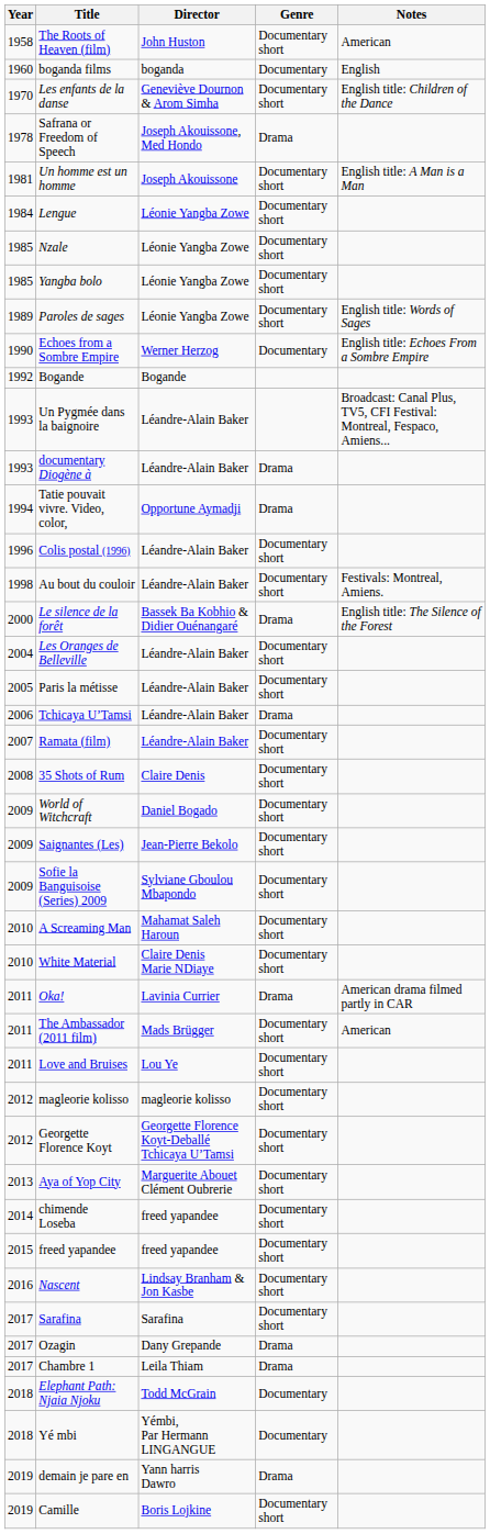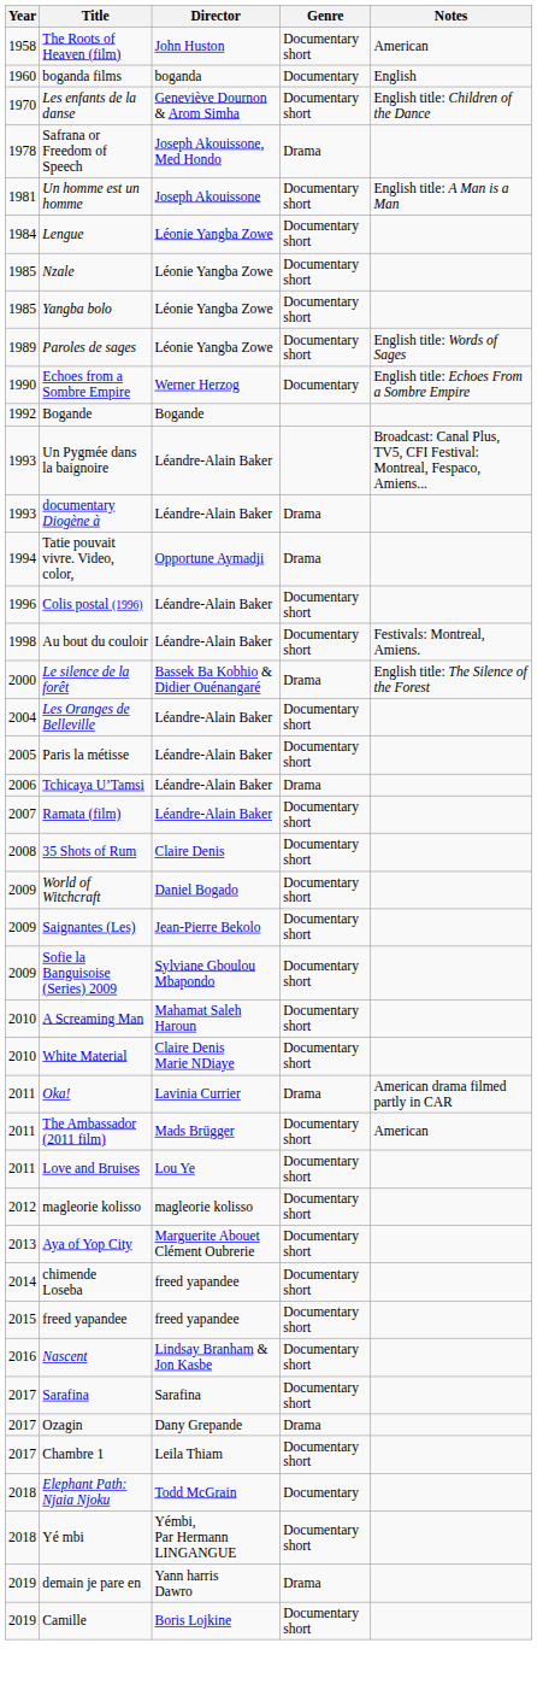 <table class="wikitable sortable">
 <tr>
 <th>Year</th>
 <th>Title</th>
 <th>Director</th>
 <th>Genre</th>
 <th class="unsortable">Notes</th>
 </tr>
 <tr>
 <td>1958</td>
 <td><a href='#'>The Roots of Heaven (film)</a></td>
 <td><a href='#'>John Huston</a></td>
 <td>Documentary short</td>
 <td>American</td>
 </tr>
 <tr>
 <td>1960</td>
 <td>boganda films</td>
 <td>boganda</td>
 <td>Documentary</td>
 <td>English</td>
 </tr>
 <tr>
 <td>1970</td>
 <td><em>Les enfants de la danse</em></td>
 <td><a href='#'>Geneviève Dournon</a> & <a href='#'>Arom Simha</a></td>
 <td>Documentary short</td>
 <td>English title: <em>Children of the Dance</em></td>
 </tr>
 <tr>
 <td>1978</td>
 <td>Safrana or Freedom of Speech</td>
 <td><a href='#'>Joseph Akouissone</a>,<br><a href='#'>Med Hondo</a></td>
 <td>Drama</td>
 <td></td>
 </tr>
 <tr>
 <td>1981</td>
 <td><em>Un homme est un homme</em></td>
 <td><a href='#'>Joseph Akouissone</a></td>
 <td>Documentary short</td>
 <td>English title: <em>A Man is a Man</em></td>
 </tr>
 <tr>
 <td>1984</td>
 <td><em>Lengue</em></td>
 <td><a href='#'>Léonie Yangba Zowe</a></td>
 <td>Documentary short</td>
 <td></td>
 </tr>
 <tr>
 <td>1985</td>
 <td><em>Nzale</em></td>
 <td>Léonie Yangba Zowe</td>
 <td>Documentary short</td>
 <td></td>
 </tr>
 <tr>
 <td>1985</td>
 <td><em>Yangba bolo</em></td>
 <td>Léonie Yangba Zowe</td>
 <td>Documentary short</td>
 <td></td>
 </tr>
 <tr>
 <td>1989</td>
 <td><em>Paroles de sages</em></td>
 <td>Léonie Yangba Zowe</td>
 <td>Documentary short</td>
 <td>English title: <em>Words of Sages</em></td>
 </tr>
 <tr>
 <td>1990</td>
 <td><a href='#'>Echoes from a Sombre Empire</a></td>
 <td><a href='#'>Werner Herzog</a></td>
 <td>Documentary</td>
 <td>English title: <em>Echoes From a Sombre Empire</em></td>
 </tr>
 <tr>
 <td>1992</td>
 <td>Bogande</td>
 <td>Bogande</td>
 <td></td>
 <td></td>
 </tr>
 <tr>
 <td>1993</td>
 <td>Un Pygmée dans la baignoire</td>
 <td>Léandre-Alain Baker</td>
 <td></td>
 <td>Broadcast: Canal Plus, TV5, CFI Festival: Montreal, Fespaco, Amiens...</td>
 </tr>
 <tr>
 <td>1993</td>
 <td><a href='#'>documentary <em>Diogène à</em></a></td>
 <td>Léandre-Alain Baker</td>
 <td>Drama</td>
 <td></td>
 </tr>
 <tr>
 <td>1994</td>
 <td>Tatie pouvait vivre. Video, color,</td>
 <td><a href='#'>Opportune Aymadji</a></td>
 <td>Drama</td>
 <td></td>
 </tr>
 <tr>
 <td>1996</td>
 <td><a href='#'>Colis postal <small>(1996)</small></a></td>
 <td>Léandre-Alain Baker</td>
 <td>Documentary short</td>
 <td></td>
 </tr>
 <tr>
 <td>1998</td>
 <td>Au bout du couloir</td>
 <td>Léandre-Alain Baker</td>
 <td>Documentary short</td>
 <td>Festivals: Montreal, Amiens.</td>
 </tr>
 <tr>
 <td>2000</td>
 <td><em><a href='#'>Le silence de la forêt</a></em></td>
 <td><a href='#'>Bassek Ba Kobhio</a> & <a href='#'>Didier Ouénangaré</a></td>
 <td>Drama</td>
 <td>English title: <em>The Silence of the Forest</em></td>
 </tr>
 <tr>
 <td>2004</td>
 <td><em><a href='#'>Les Oranges de Belleville</a></em></td>
 <td>Léandre-Alain Baker</td>
 <td>Documentary short</td>
 <td></td>
 </tr>
 <tr>
 <td>2005</td>
 <td>Paris la métisse</td>
 <td>Léandre-Alain Baker</td>
 <td>Documentary short</td>
 <td></td>
 </tr>
 <tr>
 <td>2006</td>
 <td><a href='#'>Tchicaya U’Tamsi</a></td>
 <td>Léandre-Alain Baker</td>
 <td>Drama</td>
 <td></td>
 </tr>
 <tr>
 <td>2007</td>
 <td><a href='#'>Ramata (film)</a></td>
 <td><a href='#'>Léandre-Alain Baker</a></td>
 <td>Documentary short</td>
 <td></td>
 </tr>
 <tr>
 <td>2008</td>
 <td><a href='#'>35 Shots of Rum</a></td>
 <td><a href='#'>Claire Denis</a></td>
 <td>Documentary short</td>
 <td></td>
 </tr>
 <tr>
 <td>2009</td>
 <td><em>World of Witchcraft</em></td>
 <td><a href='#'>Daniel Bogado</a></td>
 <td>Documentary short</td>
 <td></td>
 </tr>
 <tr>
 <td>2009</td>
 <td><a href='#'>Saignantes (Les)</a></td>
 <td><a href='#'>Jean-Pierre Bekolo</a></td>
 <td>Documentary short</td>
 <td></td>
 </tr>
 <tr>
 <td>2009</td>
 <td><a href='#'>Sofie la Banguisoise (Series) 2009</a></td>
 <td><a href='#'>Sylviane Gboulou Mbapondo</a></td>
 <td>Documentary short</td>
 <td></td>
 </tr>
 <tr>
 <td>2010</td>
 <td><a href='#'>A Screaming Man</a></td>
 <td><a href='#'>Mahamat Saleh Haroun</a></td>
 <td>Documentary short</td>
 <td></td>
 </tr>
 <tr>
 <td>2010</td>
 <td><a href='#'>White Material</a></td>
 <td><a href='#'>Claire Denis</a><br><a href='#'>Marie NDiaye</a></td>
 <td>Documentary short</td>
 <td></td>
 </tr>
 <tr>
 <td>2011</td>
 <td><em><a href='#'>Oka!</a></em></td>
 <td><a href='#'>Lavinia Currier</a></td>
 <td>Drama</td>
 <td>American drama filmed partly in CAR</td>
 </tr>
 <tr>
 <td>2011</td>
 <td><a href='#'>The Ambassador (2011 film)</a></td>
 <td><a href='#'>Mads Brügger</a></td>
 <td>Documentary short</td>
 <td>American</td>
 </tr>
 <tr>
 <td>2011</td>
 <td><a href='#'>Love and Bruises</a></td>
 <td><a href='#'>Lou Ye</a></td>
 <td>Documentary short</td>
 <td></td>
 </tr>
 <tr>
 <td>2012</td>
 <td>magleorie kolisso</td>
 <td>magleorie kolisso</td>
 <td>Documentary short</td>
 <td></td>
 </tr>
 <tr>
-<td>2012</td>
-<td>Georgette Florence Koyt</td>
-<td><a href='#'>Georgette Florence Koyt-Deballé</a><br><a href='#'>Tchicaya U’Tamsi</a></td>
-<td>Documentary short</td>
-<td></td>
-</tr>
-<tr>
 <td>2013</td>
 <td><a href='#'>Aya of Yop City</a></td>
 <td><a href='#'>Marguerite Abouet</a><br>Clément Oubrerie</td>
 <td>Documentary short</td>
 <td></td>
 </tr>
 <tr>
 <td>2014</td>
 <td>chimende<br>Loseba</td>
 <td>freed yapandee</td>
 <td>Documentary short</td>
 <td></td>
 </tr>
 <tr>
 <td>2015</td>
 <td>freed yapandee</td>
 <td>freed yapandee</td>
 <td>Documentary short</td>
 <td></td>
 </tr>
 <tr>
 <td>2016</td>
 <td><em><a href='#'>Nascent</a></em></td>
 <td><a href='#'>Lindsay Branham</a> & <a href='#'>Jon Kasbe</a></td>
 <td>Documentary short</td>
 <td></td>
 </tr>
 <tr>
 <td>2017</td>
 <td><a href='#'>Sarafina</a></td>
 <td>Sarafina</td>
 <td>Documentary short</td>
 <td></td>
 </tr>
 <tr>
 <td>2017</td>
 <td>Ozagin</td>
 <td>Dany Grepande</td>
 <td>Drama</td>
 <td></td>
 </tr>
 <tr>
 <td>2017</td>
 <td>Chambre 1</td>
 <td>Leila Thiam</td>
-<td>Drama</td>
+<td>Documentary short</td>
 <td></td>
 </tr>
 <tr>
 <td>2018</td>
 <td><em><a href='#'>Elephant Path: Njaia Njoku</a></em></td>
 <td><a href='#'>Todd McGrain</a></td>
 <td>Documentary</td>
 <td></td>
 </tr>
 <tr>
 <td>2018</td>
 <td>Yé mbi</td>
 <td>Yémbi,<br>Par Hermann LINGANGUE <br></td>
-<td>Documentary</td>
+<td>Documentary short</td>
 <td></td>
 </tr>
 <tr>
 <td>2019</td>
 <td>demain je pare en</td>
 <td>Yann harris<br>Dawro</td>
 <td>Drama</td>
 <td></td>
 </tr>
 <tr>
 <td>2019</td>
 <td>Camille</td>
 <td><a href='#'>Boris Lojkine</a></td>
 <td>Documentary short</td>
 <td></td>
 </tr>
 </table>
